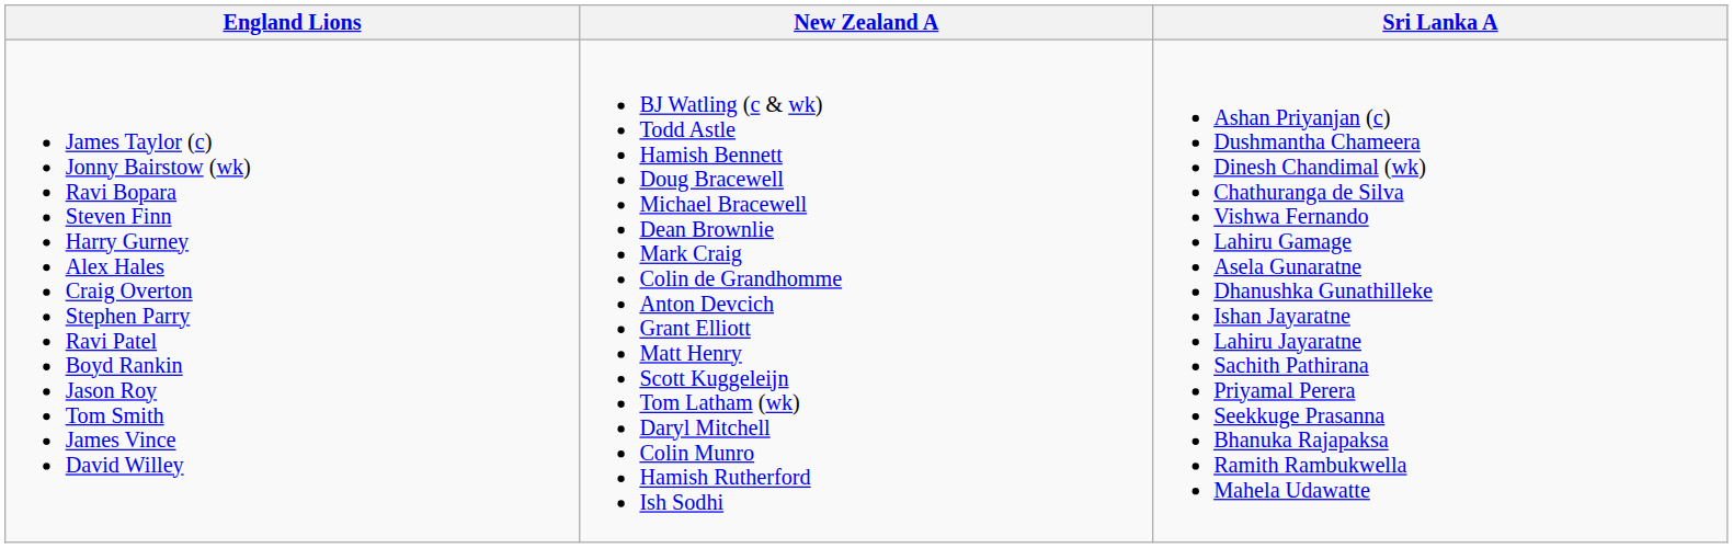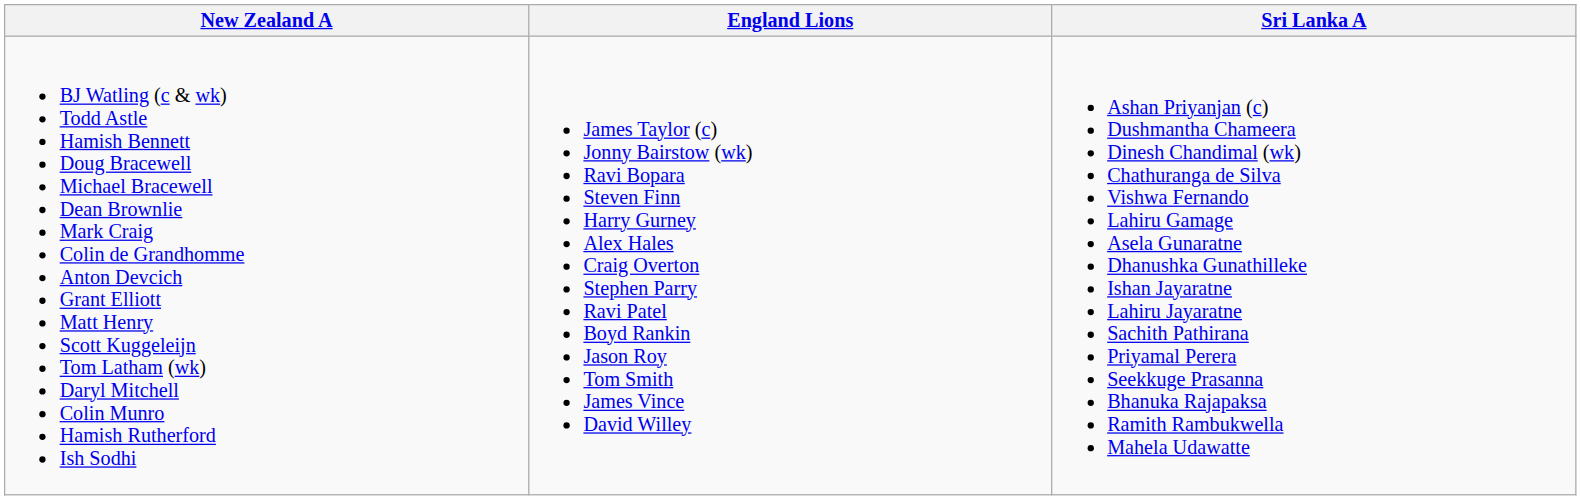 <table class="wikitable">
 <tr>
+<th style="width:15%;"><a href='#'>New Zealand A</a></th>
 <th style="width:15%;"><a href='#'>England Lions</a></th>
-<th style="width:15%;"><a href='#'>New Zealand A</a></th>
 <th style="width:15%;"><a href='#'>Sri Lanka A</a></th>
 </tr>
 <tr>
+<td><br><ul><li><a href='#'>BJ Watling</a> (<a href='#'>c</a> & <a href='#'>wk</a>)</li><li><a href='#'>Todd Astle</a></li><li><a href='#'>Hamish Bennett</a></li><li><a href='#'>Doug Bracewell</a></li><li><a href='#'>Michael Bracewell</a></li><li><a href='#'>Dean Brownlie</a></li><li><a href='#'>Mark Craig</a></li><li><a href='#'>Colin de Grandhomme</a></li><li><a href='#'>Anton Devcich</a></li><li><a href='#'>Grant Elliott</a></li><li><a href='#'>Matt Henry</a></li><li><a href='#'>Scott Kuggeleijn</a></li><li><a href='#'>Tom Latham</a> (<a href='#'>wk</a>)</li><li><a href='#'>Daryl Mitchell</a></li><li><a href='#'>Colin Munro</a></li><li><a href='#'>Hamish Rutherford</a></li><li><a href='#'>Ish Sodhi</a></li></ul></td>
 <td><br><ul><li><a href='#'>James Taylor</a> (<a href='#'>c</a>)</li><li><a href='#'>Jonny Bairstow</a> (<a href='#'>wk</a>)</li><li><a href='#'>Ravi Bopara</a></li><li><a href='#'>Steven Finn</a></li><li><a href='#'>Harry Gurney</a></li><li><a href='#'>Alex Hales</a></li><li><a href='#'>Craig Overton</a></li><li><a href='#'>Stephen Parry</a></li><li><a href='#'>Ravi Patel</a></li><li><a href='#'>Boyd Rankin</a></li><li><a href='#'>Jason Roy</a></li><li><a href='#'>Tom Smith</a></li><li><a href='#'>James Vince</a></li><li><a href='#'>David Willey</a></li></ul></td>
-<td><br><ul><li><a href='#'>BJ Watling</a> (<a href='#'>c</a> & <a href='#'>wk</a>)</li><li><a href='#'>Todd Astle</a></li><li><a href='#'>Hamish Bennett</a></li><li><a href='#'>Doug Bracewell</a></li><li><a href='#'>Michael Bracewell</a></li><li><a href='#'>Dean Brownlie</a></li><li><a href='#'>Mark Craig</a></li><li><a href='#'>Colin de Grandhomme</a></li><li><a href='#'>Anton Devcich</a></li><li><a href='#'>Grant Elliott</a></li><li><a href='#'>Matt Henry</a></li><li><a href='#'>Scott Kuggeleijn</a></li><li><a href='#'>Tom Latham</a> (<a href='#'>wk</a>)</li><li><a href='#'>Daryl Mitchell</a></li><li><a href='#'>Colin Munro</a></li><li><a href='#'>Hamish Rutherford</a></li><li><a href='#'>Ish Sodhi</a></li></ul></td>
 <td><br><ul><li><a href='#'>Ashan Priyanjan</a> (<a href='#'>c</a>)</li><li><a href='#'>Dushmantha Chameera</a></li><li><a href='#'>Dinesh Chandimal</a> (<a href='#'>wk</a>)</li><li><a href='#'>Chathuranga de Silva</a></li><li><a href='#'>Vishwa Fernando</a></li><li><a href='#'>Lahiru Gamage</a></li><li><a href='#'>Asela Gunaratne</a></li><li><a href='#'>Dhanushka Gunathilleke</a></li><li><a href='#'>Ishan Jayaratne</a></li><li><a href='#'>Lahiru Jayaratne</a></li><li><a href='#'>Sachith Pathirana</a></li><li><a href='#'>Priyamal Perera</a></li><li><a href='#'>Seekkuge Prasanna</a></li><li><a href='#'>Bhanuka Rajapaksa</a></li><li><a href='#'>Ramith Rambukwella</a></li><li><a href='#'>Mahela Udawatte</a></li></ul></td>
 </tr>
 </table>
